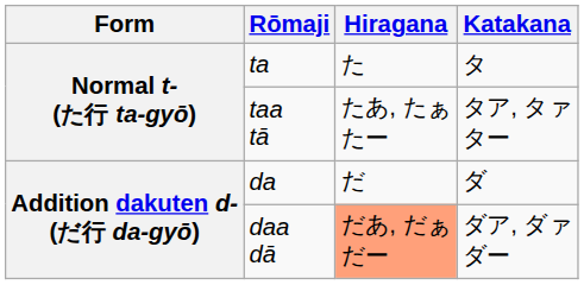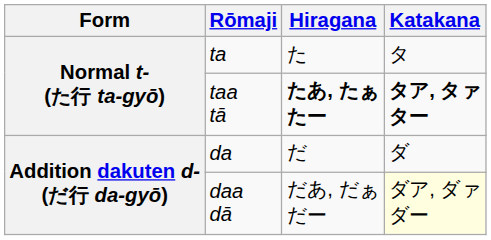 <table class="wikitable">
 <tr>
 <th>Form</th>
 <th><a href='#'>Rōmaji</a></th>
 <th><a href='#'>Hiragana</a></th>
 <th><a href='#'>Katakana</a></th>
 </tr>
 <tr>
 <th rowspan="2">Normal <em>t-</em><br>(た行 <em>ta-gyō</em>)</th>
 <td><em>ta</em></td>
 <td>た</td>
 <td>タ</td>
 </tr>
 <tr>
 <td><em>taa</em><br><em>tā</em></td>
-<td>たあ, たぁ<br>たー</td>
-<td>タア, タァ<br>ター</td>
+<td><strong>たあ, たぁ<br>たー</strong></td>
+<td><strong>タア, タァ<br>ター</strong></td>
 </tr>
 <tr>
 <th rowspan="2">Addition <a href='#'>dakuten</a> <em>d-</em><br>(だ行 <em>da-gyō</em>)</th>
 <td><em>da</em></td>
 <td>だ</td>
 <td>ダ</td>
 </tr>
 <tr>
 <td><em>daa</em><br><em>dā</em></td>
-<td style="background: lightsalmon;">だあ, だぁ<br>だー</td>
-<td>ダア, ダァ<br>ダー</td>
+<td>だあ, だぁ<br>だー</td>
+<td style="background: lightyellow;">ダア, ダァ<br>ダー</td>
 </tr>
 </table>
